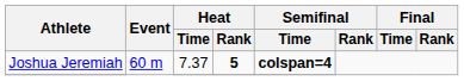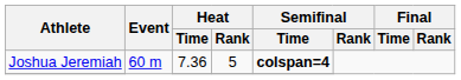 <table class=wikitable style=font-size:90%;text-align:center>
 <tr>
 <th rowspan=2>Athlete</th>
 <th rowspan=2>Event</th>
 <th colspan=2>Heat</th>
 <th colspan=2>Semifinal</th>
 <th colspan=2>Final</th>
 </tr>
 <tr style=font-size:95%>
 <th>Time</th>
 <th>Rank</th>
 <th>Time</th>
 <th>Rank</th>
 <th>Time</th>
 <th>Rank</th>
 </tr>
 <tr>
 <td align=left><a href='#'>Joshua Jeremiah</a></td>
 <td align=left rowspan=3><a href='#'>60 m</a></td>
-<td>7.37</td>
-<td><strong>5</strong></td>
+<td>7.36</td>
+<td>5</td>
 <td><strong>colspan=4 </strong></td>
 </tr>
 <tr>
 </tr>
 </table>
